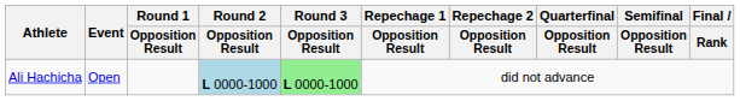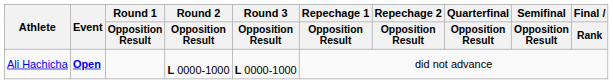 <table class="wikitable" style="font-size:90%">
 <tr>
 <th rowspan="2">Athlete</th>
 <th rowspan="2">Event</th>
 <th>Round 1</th>
 <th>Round 2</th>
 <th>Round 3</th>
 <th>Repechage 1</th>
 <th>Repechage 2</th>
 <th>Quarterfinal</th>
 <th>Semifinal</th>
 <th colspan=2>Final / </th>
 </tr>
 <tr style="font-size:95%">
 <th>Opposition<br>Result</th>
 <th>Opposition<br>Result</th>
 <th>Opposition<br>Result</th>
 <th>Opposition<br>Result</th>
 <th>Opposition<br>Result</th>
 <th>Opposition<br>Result</th>
 <th>Opposition<br>Result</th>
 <th>Rank</th>
 </tr>
 <tr align=center>
 <td align=left><a href='#'>Ali Hachicha</a></td>
-<td align=left><a href='#'>Open</a></td>
+<td align=left><strong><a href='#'>Open</a></strong></td>
 <td></td>
-<td style="background: lightblue;"><br><strong>L</strong> 0000-1000</td>
-<td style="background: lightgreen;"><br><strong>L</strong> 0000-1000</td>
+<td><br><strong>L</strong> 0000-1000</td>
+<td><br><strong>L</strong> 0000-1000</td>
 <td colspan=5>did not advance</td>
 </tr>
 </table>
